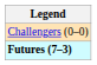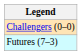 <table class=wikitable style=font-size:97%>
 <tr>
 <th>Legend</th>
 </tr>
 <tr bgcolor=moccasin>
 <td><a href='#'>Challengers</a> (0–0)</td>
 </tr>
 <tr bgcolor=CFFCFF>
-<td><strong>Futures (7–3)</strong></td>
+<td>Futures (7–3)</td>
 </tr>
 </table>
